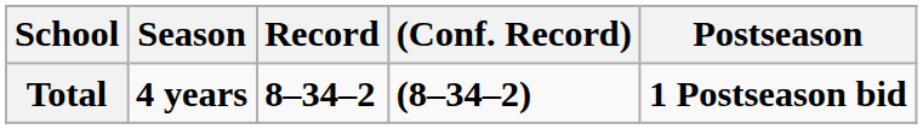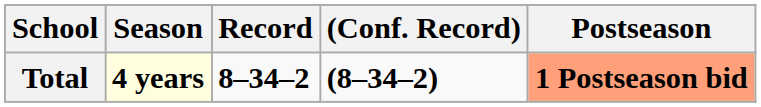 <table class="wikitable">
 <tr>
 <th>School</th>
 <th>Season</th>
 <th>Record</th>
 <th>(Conf. Record)</th>
 <th>Postseason</th>
 </tr>
 <tr>
 <th><strong>Total</strong></th>
-<td><strong>4 years</strong></td>
+<td style="background: lightyellow;"><strong>4 years</strong></td>
 <td><strong>8–34–2</strong></td>
 <td><strong>(8–34–2)</strong></td>
-<td><strong>1 Postseason bid</strong></td>
+<td style="background: lightsalmon;"><strong>1 Postseason bid</strong></td>
 </tr>
 </table>
